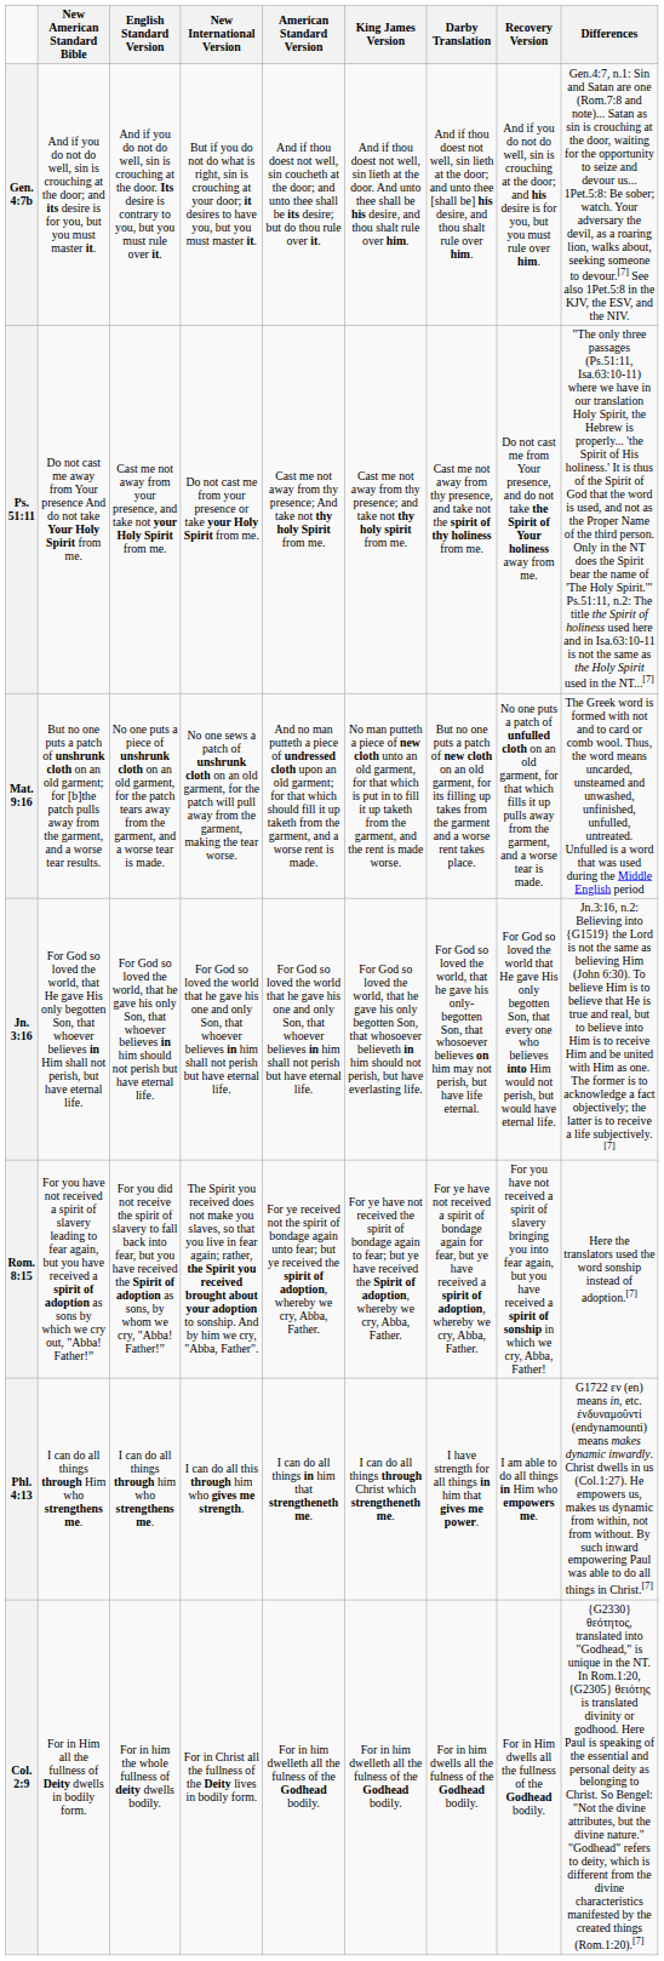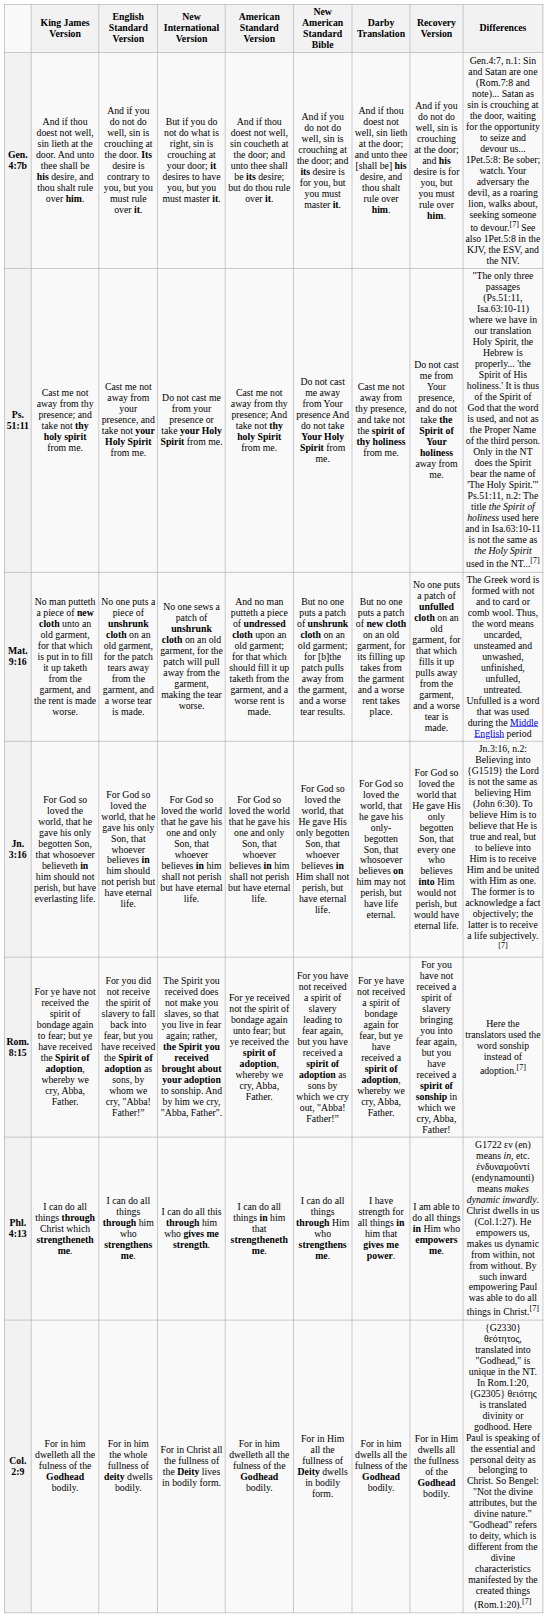 <table class="wikitable" style="text-align:center; width:100%;">
 <tr>
 <td></td>
-<th scope="col">New American Standard Bible</th>
+<th scope="col">King James Version</th>
 <th scope="col">English Standard Version</th>
 <th scope="col">New International Version</th>
 <th scope="col">American Standard Version</th>
-<th scope="col">King James Version</th>
+<th scope="col">New American Standard Bible</th>
 <th scope="col">Darby Translation</th>
 <th scope="col">Recovery Version</th>
 <th scope="col">Differences</th>
 </tr>
 <tr>
 <th scope="row">Gen.<br>4:7b</th>
-<td>And if you do not do well, sin is crouching at the door; and <strong>its</strong> desire is for you, but you must master <strong>it</strong>.</td>
+<td>And if thou doest not well, sin lieth at the door. And unto thee shall be <strong>his</strong> desire, and thou shalt rule over <strong>him</strong>.</td>
 <td>And if you do not do well, sin is crouching at the door. <strong>Its</strong> desire is contrary to you, but you must rule over <strong>it</strong>.</td>
 <td>But if you do not do what is right, sin is crouching at your door; <strong>it</strong> desires to have you, but you must master <strong>it</strong>.</td>
 <td>And if thou doest not well, sin coucheth at the door; and unto thee shall be <strong>its</strong> desire; but do thou rule over <strong>it</strong>.</td>
-<td>And if thou doest not well, sin lieth at the door. And unto thee shall be <strong>his</strong> desire, and thou shalt rule over <strong>him</strong>.</td>
+<td>And if you do not do well, sin is crouching at the door; and <strong>its</strong> desire is for you, but you must master <strong>it</strong>.</td>
 <td>And if thou doest not well, sin lieth at the door; and unto thee [shall be] <strong>his</strong> desire, and thou shalt rule over <strong>him</strong>.</td>
 <td>And if you do not do well, sin is crouching at the door; and <strong>his</strong> desire is for you, but you must rule over <strong>him</strong>.</td>
 <td>Gen.4:7, n.1: Sin and Satan are one (Rom.7:8 and note)... Satan as sin is crouching at the door, waiting for the opportunity to seize and devour us...<br>1Pet.5:8: Be sober; watch. Your adversary the devil, as a roaring lion, walks about, seeking someone to devour.<sup>[7]</sup> See also 1Pet.5:8 in the KJV, the ESV, and the NIV.</td>
 </tr>
 <tr>
 <th scope="row">Ps.<br>51:11</th>
-<td>Do not cast me away from Your presence And do not take <strong>Your Holy Spirit</strong> from me.</td>
+<td>Cast me not away from thy presence; and take not <strong>thy holy spirit</strong> from me.</td>
 <td>Cast me not away from your presence, and take not <strong>your Holy Spirit</strong> from me.</td>
 <td>Do not cast me from your presence or take <strong>your Holy Spirit</strong> from me.</td>
 <td>Cast me not away from thy presence; And take not <strong>thy holy Spirit</strong> from me.</td>
-<td>Cast me not away from thy presence; and take not <strong>thy holy spirit</strong> from me.</td>
+<td>Do not cast me away from Your presence And do not take <strong>Your Holy Spirit</strong> from me.</td>
 <td>Cast me not away from thy presence, and take not the <strong>spirit of thy holiness</strong> from me.</td>
 <td>Do not cast me from Your presence, and do not take <strong>the Spirit of Your holiness</strong> away from me.</td>
 <td>"The only three passages (Ps.51:11, Isa.63:10-11) where we have in our translation Holy Spirit, the Hebrew is properly... 'the Spirit of His holiness.' It is thus of the Spirit of God that the word is used, and not as the Proper Name of the third person. Only in the NT does the Spirit bear the name of 'The Holy Spirit.'"<br>Ps.51:11, n.2: The title <em>the Spirit of holiness</em> used here and in Isa.63:10-11 is not the same as <em>the Holy Spirit</em> used in the NT...<sup>[7]</sup></td>
 </tr>
 <tr>
 <th scope="row">Mat.<br>9:16</th>
-<td>But no one puts a patch of <strong>unshrunk cloth</strong> on an old garment; for [b]the patch pulls away from the garment, and a worse tear results.</td>
+<td>No man putteth a piece of <strong>new cloth</strong> unto an old garment, for that which is put in to fill it up taketh from the garment, and the rent is made worse.</td>
 <td>No one puts a piece of <strong>unshrunk cloth</strong> on an old garment, for the patch tears away from the garment, and a worse tear is made.</td>
 <td>No one sews a patch of <strong>unshrunk cloth</strong> on an old garment, for the patch will pull away from the garment, making the tear worse.</td>
 <td>And no man putteth a piece of <strong>undressed cloth</strong> upon an old garment; for that which should fill it up taketh from the garment, and a worse rent is made.</td>
-<td>No man putteth a piece of <strong>new cloth</strong> unto an old garment, for that which is put in to fill it up taketh from the garment, and the rent is made worse.</td>
+<td>But no one puts a patch of <strong>unshrunk cloth</strong> on an old garment; for [b]the patch pulls away from the garment, and a worse tear results.</td>
 <td>But no one puts a patch of <strong>new cloth</strong> on an old garment, for its filling up takes from the garment and a worse rent takes place.</td>
 <td>No one puts a patch of <strong>unfulled cloth</strong> on an old garment, for that which fills it up pulls away from the garment, and a worse tear is made.</td>
 <td>The Greek word is formed with not and to card or comb wool. Thus, the word means uncarded, unsteamed and unwashed, unfinished, unfulled, untreated. Unfulled is a word that was used during the <a href='#'>Middle English</a> period</td>
 </tr>
 <tr>
 <th scope="row">Jn.<br>3:16</th>
-<td>For God so loved the world, that He gave His only begotten Son, that whoever believes <strong>in</strong> Him shall not perish, but have eternal life.</td>
+<td>For God so loved the world, that he gave his only begotten Son, that whosoever believeth <strong>in</strong> him should not perish, but have everlasting life.</td>
 <td>For God so loved the world, that he gave his only Son, that whoever believes <strong>in</strong> him should not perish but have eternal life.</td>
 <td>For God so loved the world that he gave his one and only Son, that whoever believes <strong>in</strong> him shall not perish but have eternal life.</td>
 <td>For God so loved the world that he gave his one and only Son, that whoever believes <strong>in</strong> him shall not perish but have eternal life.</td>
-<td>For God so loved the world, that he gave his only begotten Son, that whosoever believeth <strong>in</strong> him should not perish, but have everlasting life.</td>
+<td>For God so loved the world, that He gave His only begotten Son, that whoever believes <strong>in</strong> Him shall not perish, but have eternal life.</td>
 <td>For God so loved the world, that he gave his only-begotten Son, that whosoever believes <strong>on</strong> him may not perish, but have life eternal.</td>
 <td>For God so loved the world that He gave His only begotten Son, that every one who believes <strong>into</strong> Him would not perish, but would have eternal life.</td>
 <td>Jn.3:16, n.2: Believing into {G1519} the Lord is not the same as believing Him (John 6:30). To believe Him is to believe that He is true and real, but to believe into Him is to receive Him and be united with Him as one. The former is to acknowledge a fact objectively; the latter is to receive a life subjectively.<sup>[7]</sup> </td>
 </tr>
 <tr>
 <th scope="row">Rom.<br>8:15</th>
-<td>For you have not received a spirit of slavery leading to fear again, but you have received a <strong>spirit of adoption</strong> as sons by which we cry out, "Abba! Father!”</td>
+<td>For ye have not received the spirit of bondage again to fear; but ye have received the <strong>Spirit of adoption</strong>, whereby we cry, Abba, Father.</td>
 <td>For you did not receive the spirit of slavery to fall back into fear, but you have received the <strong>Spirit of adoption</strong> as sons, by whom we cry, "Abba! Father!”</td>
 <td>The Spirit you received does not make you slaves, so that you live in fear again; rather, <strong>the Spirit you received brought about your adoption</strong> to sonship. And by him we cry, "Abba, Father".</td>
 <td>For ye received not the spirit of bondage again unto fear; but ye received the <strong>spirit of adoption</strong>, whereby we cry, Abba, Father.</td>
-<td>For ye have not received the spirit of bondage again to fear; but ye have received the <strong>Spirit of adoption</strong>, whereby we cry, Abba, Father.</td>
+<td>For you have not received a spirit of slavery leading to fear again, but you have received a <strong>spirit of adoption</strong> as sons by which we cry out, "Abba! Father!”</td>
 <td>For ye have not received a spirit of bondage again for fear, but ye have received a <strong>spirit of adoption</strong>, whereby we cry, Abba, Father.</td>
 <td>For you have not received a spirit of slavery bringing you into fear again, but you have received a <strong>spirit of sonship</strong> in which we cry, Abba, Father!</td>
 <td>Here the translators used the word sonship instead of adoption.<sup>[7]</sup></td>
 </tr>
 <tr>
 <th scope="row">Phl.<br>4:13</th>
-<td>I can do all things <strong>through</strong> Him who <strong>strengthens me</strong>.</td>
+<td>I can do all things <strong>through</strong> Christ which <strong>strengtheneth me</strong>.</td>
 <td>I can do all things <strong>through</strong> him who <strong>strengthens me</strong>.</td>
 <td>I can do all this <strong>through</strong> him who <strong>gives me strength</strong>.</td>
 <td>I can do all things <strong>in</strong> him that <strong>strengtheneth me</strong>.</td>
-<td>I can do all things <strong>through</strong> Christ which <strong>strengtheneth me</strong>.</td>
+<td>I can do all things <strong>through</strong> Him who <strong>strengthens me</strong>.</td>
 <td>I have strength for all things <strong>in</strong> him that <strong>gives me power</strong>.</td>
 <td>I am able to do all things <strong>in</strong> Him who <strong>empowers me</strong>.</td>
 <td>G1722 εν (en) means <em>in</em>, etc.<br>ἐνδυναμοῦντί (endynamounti) means <em>makes dynamic inwardly</em>. Christ dwells in us (Col.1:27). He empowers us, makes us dynamic from within, not from without. By such inward empowering Paul was able to do all things in Christ.<sup>[7]</sup></td>
 </tr>
 <tr>
 <th scope="row">Col.<br>2:9</th>
-<td>For in Him all the fullness of <strong>Deity</strong> dwells in bodily form.</td>
+<td>For in him dwelleth all the fulness of the <strong>Godhead</strong> bodily.</td>
 <td>For in him the whole fullness of <strong>deity</strong> dwells bodily.</td>
 <td>For in Christ all the fullness of the <strong>Deity</strong> lives in bodily form.</td>
 <td>For in him dwelleth all the fulness of the <strong>Godhead</strong> bodily.</td>
-<td>For in him dwelleth all the fulness of the <strong>Godhead</strong> bodily.</td>
+<td>For in Him all the fullness of <strong>Deity</strong> dwells in bodily form.</td>
 <td>For in him dwells all the fulness of the <strong>Godhead</strong> bodily.</td>
 <td>For in Him dwells all the fullness of the <strong>Godhead</strong> bodily.</td>
 <td>{G2330} θεότητος, translated into "Godhead," is unique in the NT. In Rom.1:20, {G2305} θειότης is translated divinity or godhood. Here Paul is speaking of the essential and personal deity as belonging to Christ. So Bengel: "Not the divine attributes, but the divine nature."<br>"Godhead" refers to deity, which is different from the divine characteristics manifested by the created things (Rom.1:20).<sup>[7]</sup></td>
 </tr>
 </table>
